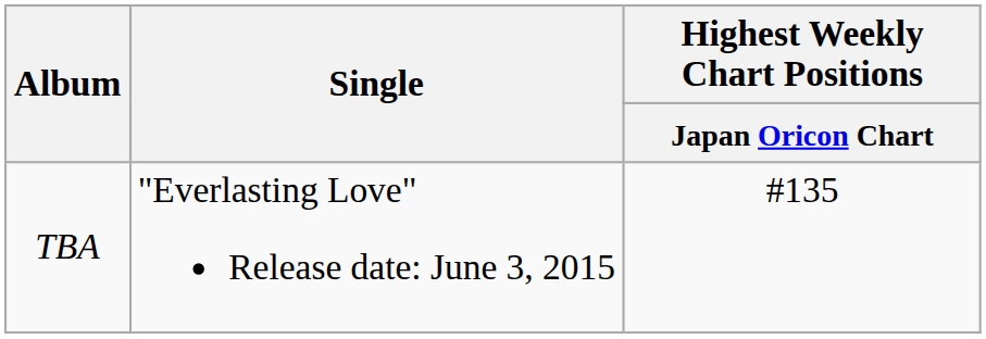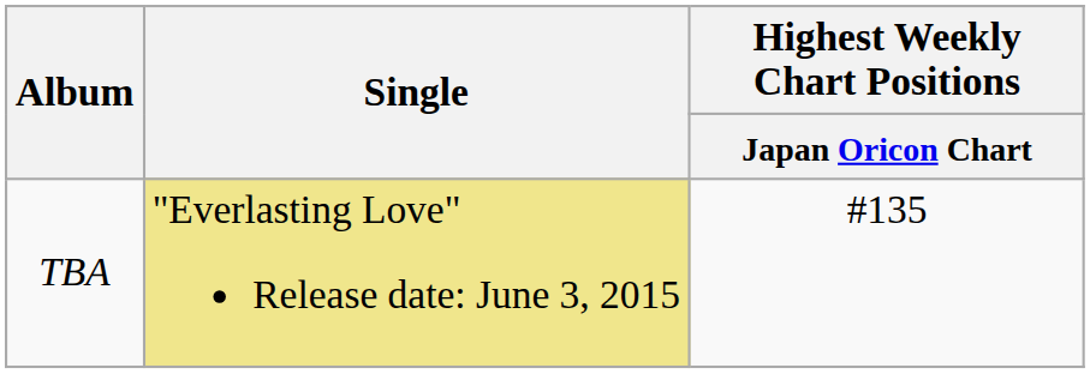 <table class="wikitable">
 <tr>
 <th style="text-align:center;" rowspan="2">Album</th>
 <th style="text-align:center;" rowspan="2">Single</th>
 <th style="text-align:center; width:150px;">Highest Weekly Chart Positions</th>
 </tr>
 <tr>
 <th 18 style="vertical-align:top; text-align:center; width:150px;"><small>Japan <a href='#'>Oricon</a> Chart</small></th>
 </tr>
 <tr>
 <td style="text-align:center;" rowspan="1"><em>TBA</em></td>
-<td>"Everlasting Love"<br><ul><li>Release date: June 3, 2015</li></ul></td>
+<td style="background: khaki;">"Everlasting Love"<br><ul><li>Release date: June 3, 2015</li></ul></td>
 <td style="text-align:center; vertical-align:top;">#135</td>
 </tr>
 </table>
